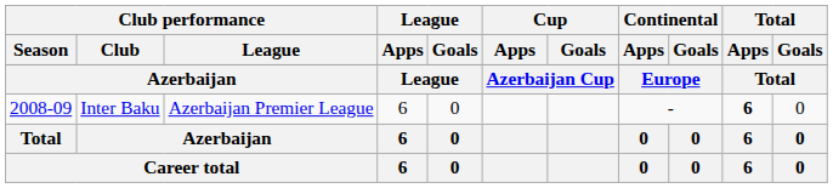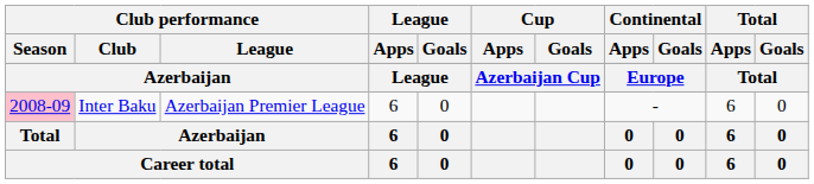 <table class="wikitable" style="text-align:center">
 <tr>
 <th colspan=3>Club performance</th>
 <th colspan=2>League</th>
 <th colspan=2>Cup</th>
 <th colspan=2>Continental</th>
 <th colspan=2>Total</th>
 </tr>
 <tr>
 <th>Season</th>
 <th>Club</th>
 <th>League</th>
 <th>Apps</th>
 <th>Goals</th>
 <th>Apps</th>
 <th>Goals</th>
 <th>Apps</th>
 <th>Goals</th>
 <th>Apps</th>
 <th>Goals</th>
 </tr>
 <tr>
 </tr>
 <tr>
 <th colspan=3>Azerbaijan</th>
 <th colspan=2>League</th>
 <th colspan=2><a href='#'>Azerbaijan Cup</a></th>
 <th colspan=2><a href='#'>Europe</a></th>
 <th colspan=2>Total</th>
 </tr>
 <tr>
-<td><a href='#'>2008-09</a></td>
+<td style="background: pink;"><a href='#'>2008-09</a></td>
 <td rowspan="1"><a href='#'>Inter Baku</a></td>
 <td rowspan="1"><a href='#'>Azerbaijan Premier League</a></td>
 <td>6</td>
 <td>0</td>
 <td></td>
 <td></td>
 <td colspan="2">-</td>
-<td><strong>6</strong></td>
+<td>6</td>
 <td>0</td>
 </tr>
 <tr>
 <th rowspan=1>Total</th>
 <th colspan=2>Azerbaijan</th>
 <th>6</th>
 <th>0</th>
 <th></th>
 <th></th>
 <th>0</th>
 <th>0</th>
 <th>6</th>
 <th>0</th>
 </tr>
 <tr>
 <th colspan=3>Career total</th>
 <th>6</th>
 <th>0</th>
 <th></th>
 <th></th>
 <th>0</th>
 <th>0</th>
 <th>6</th>
 <th>0</th>
 </tr>
 </table>
